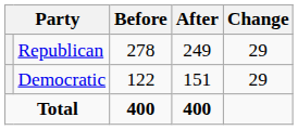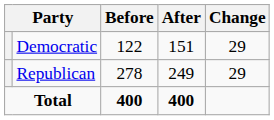 <table class="wikitable" style="text-align:center;">
 <tr>
 <th colspan="2">Party</th>
 <th>Before</th>
 <th>After</th>
 <th>Change</th>
 </tr>
 <tr>
 <th style="background-color:"></th>
-<td style="text-align:left;"><a href='#'>Republican</a></td>
-<td>278</td>
-<td>249</td>
+<td style="text-align:left;"><a href='#'>Democratic</a></td>
+<td>122</td>
+<td>151</td>
 <td> 29</td>
 </tr>
 <tr>
 <th style="background-color:"></th>
-<td style="text-align:left;"><a href='#'>Democratic</a></td>
-<td>122</td>
-<td>151</td>
+<td style="text-align:left;"><a href='#'>Republican</a></td>
+<td>278</td>
+<td>249</td>
 <td> 29</td>
 </tr>
 <tr>
 <td colspan="2"><strong>Total</strong></td>
 <td><strong>400</strong></td>
 <td><strong>400</strong></td>
 <td></td>
 </tr>
 </table>
